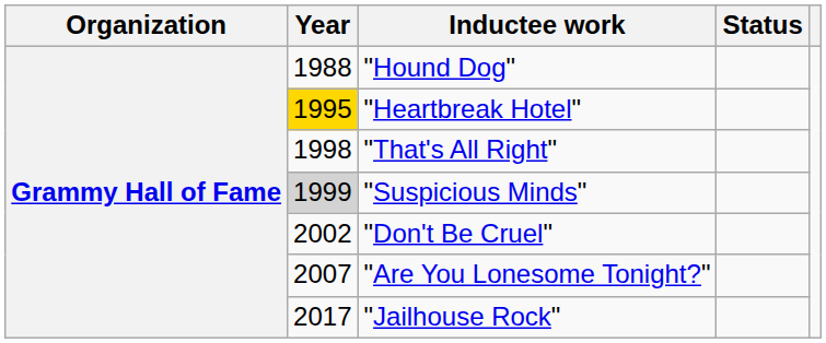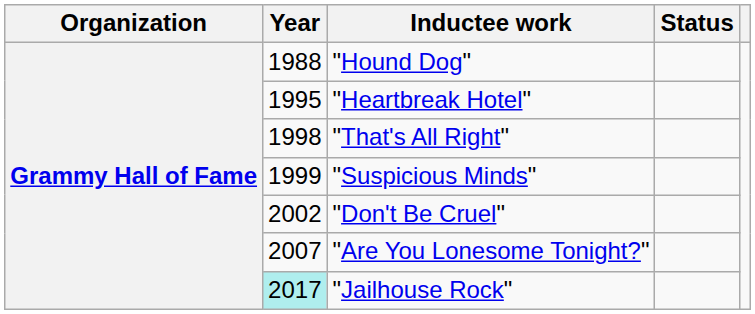 <table class="wikitable plainrowheaders sortable" style="margin-right: 0;">
 <tr>
 <th scope="col">Organization</th>
 <th scope="col">Year</th>
 <th scope="col">Inductee work</th>
 <th scope="col">Status</th>
 <th scope="col" class="unsortable"></th>
 </tr>
 <tr>
 <th scope="row" rowspan="7"><a href='#'>Grammy Hall of Fame</a> </th>
 <td>1988</td>
 <td>"<a href='#'>Hound Dog</a>"</td>
 <td></td>
 <td align="center" rowspan="7"></td>
 </tr>
 <tr>
-<td style="background: gold;">1995</td>
+<td>1995</td>
 <td>"<a href='#'>Heartbreak Hotel</a>"</td>
 <td></td>
 </tr>
 <tr>
 <td>1998</td>
 <td>"<a href='#'>That's All Right</a>"</td>
 <td></td>
 </tr>
 <tr>
-<td style="background: lightgrey;">1999</td>
+<td>1999</td>
 <td>"<a href='#'>Suspicious Minds</a>"</td>
 <td></td>
 </tr>
 <tr>
 <td>2002</td>
 <td>"<a href='#'>Don't Be Cruel</a>"</td>
 <td></td>
 </tr>
 <tr>
 <td>2007</td>
 <td>"<a href='#'>Are You Lonesome Tonight?</a>"</td>
 <td></td>
 </tr>
 <tr>
-<td>2017</td>
+<td style="background: paleturquoise;">2017</td>
 <td>"<a href='#'>Jailhouse Rock</a>"</td>
 <td></td>
 </tr>
 </table>
